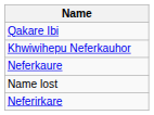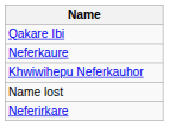 <table class="wikitable"  style="margin:1em auto;">
 <tr>
 <th style="width:200px">Name</th>
 </tr>
 <tr>
 <td><a href='#'>Qakare Ibi</a></td>
 </tr>
 <tr>
-<td><a href='#'>Khwiwihepu Neferkauhor</a></td>
+<td><a href='#'>Neferkaure</a></td>
 </tr>
 <tr>
-<td><a href='#'>Neferkaure</a></td>
+<td><a href='#'>Khwiwihepu Neferkauhor</a></td>
 </tr>
 <tr>
 <td>Name lost</td>
 </tr>
 <tr>
 <td><a href='#'>Neferirkare</a></td>
 </tr>
 </table>
